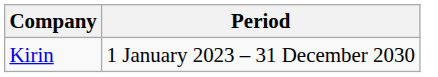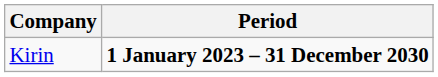 <table class="wikitable">
 <tr>
 <th>Company</th>
 <th>Period</th>
 </tr>
 <tr>
 <td><a href='#'>Kirin</a></td>
-<td>1 January 2023 – 31 December 2030</td>
+<td><strong>1 January 2023 – 31 December 2030</strong></td>
 </tr>
 </table>
